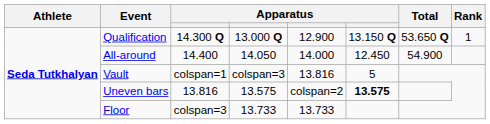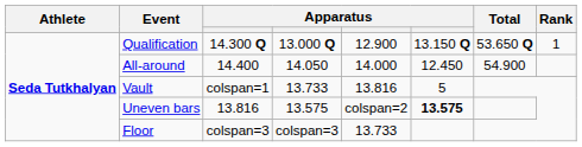 <table class="wikitable" style="font-size:90%">
 <tr>
 <th rowspan=2>Athlete</th>
 <th rowspan=2>Event</th>
 <th colspan =4>Apparatus</th>
 <th rowspan=2>Total</th>
 <th rowspan=2>Rank</th>
 </tr>
 <tr style="font-size:95%">
 <th></th>
 <th></th>
 <th></th>
 <th></th>
 </tr>
 <tr align=center>
 <td align=left rowspan=8><strong><a href='#'>Seda Tutkhalyan</a></strong></td>
 <td align=left><a href='#'>Qualification</a></td>
 <td>14.300  <strong>Q</strong></td>
 <td>13.000  <strong>Q</strong></td>
 <td>12.900</td>
 <td>13.150  <strong>Q</strong></td>
 <td>53.650  <strong>Q</strong></td>
 <td>1</td>
 </tr>
 <tr align=center>
 <td align=left><a href='#'>All-around</a></td>
 <td>14.400</td>
 <td>14.050</td>
 <td>14.000</td>
 <td>12.450</td>
 <td>54.900</td>
 <td></td>
 </tr>
 <tr align=center>
 <td align=left><a href='#'>Vault</a></td>
 <td>colspan=1 </td>
-<td>colspan=3 </td>
+<td>13.733</td>
 <td>13.816</td>
 <td>5</td>
 </tr>
 <tr align=center>
 <td align=left><a href='#'>Uneven bars</a></td>
 <td>13.816</td>
 <td>13.575</td>
 <td>colspan=2 </td>
 <td><strong>13.575</strong></td>
 <td></td>
 </tr>
 <tr align=center>
 <td align=left><a href='#'>Floor</a></td>
 <td>colspan=3 </td>
-<td>13.733</td>
+<td>colspan=3 </td>
 <td>13.733</td>
 <td></td>
 </tr>
 </table>
